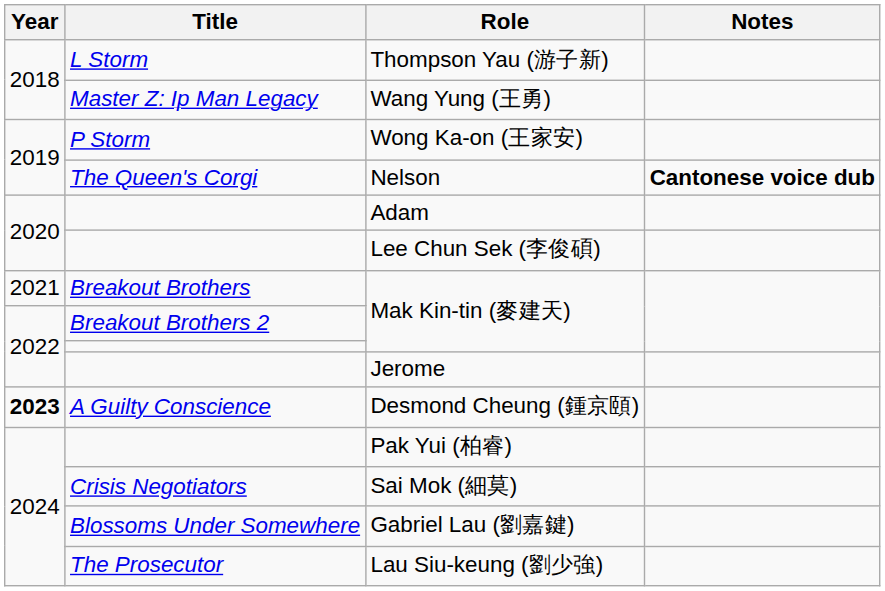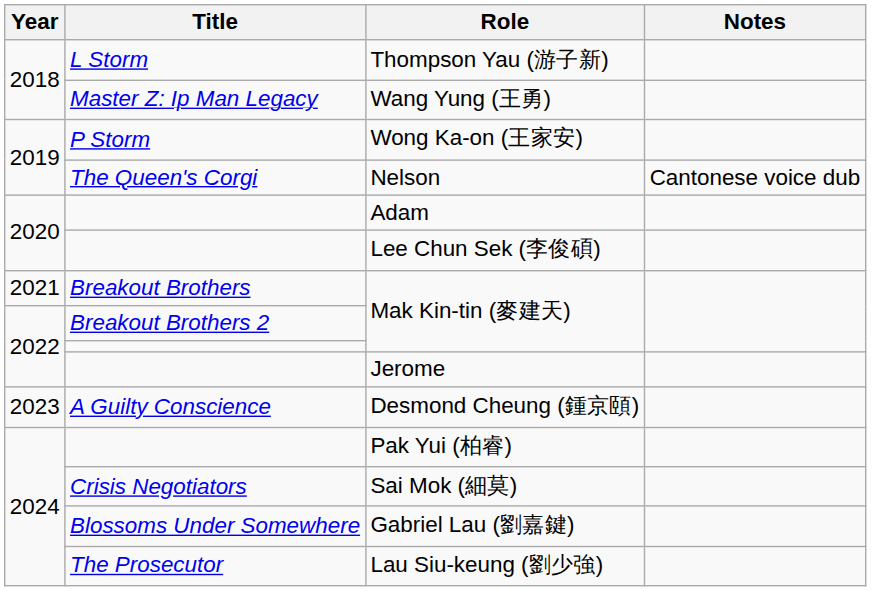 <table class="wikitable">
 <tr>
 <th>Year</th>
 <th>Title</th>
 <th>Role</th>
 <th>Notes</th>
 </tr>
 <tr>
 <td rowspan="2">2018</td>
 <td><em><a href='#'>L Storm</a></em></td>
 <td>Thompson Yau (游子新)</td>
 <td></td>
 </tr>
 <tr>
 <td><em><a href='#'>Master Z: Ip Man Legacy</a></em></td>
 <td>Wang Yung (王勇)</td>
 <td></td>
 </tr>
 <tr>
 <td rowspan="2">2019</td>
 <td><em><a href='#'>P Storm</a></em></td>
 <td>Wong Ka-on (王家安)</td>
 <td></td>
 </tr>
 <tr>
 <td><em><a href='#'>The Queen's Corgi</a></em></td>
 <td>Nelson</td>
-<td><strong>Cantonese voice dub</strong></td>
+<td>Cantonese voice dub</td>
 </tr>
 <tr>
 <td rowspan="2">2020</td>
 <td><em></em></td>
 <td>Adam</td>
 <td></td>
 </tr>
 <tr>
 <td><em></em></td>
 <td>Lee Chun Sek (李俊碩)</td>
 <td></td>
 </tr>
 <tr>
 <td>2021</td>
 <td><em><a href='#'>Breakout Brothers</a></em></td>
 <td rowspan="3">Mak Kin-tin (麥建天)</td>
 <td rowspan="3"></td>
 </tr>
 <tr>
 <td rowspan="3">2022</td>
 <td><em><a href='#'>Breakout Brothers 2</a></em></td>
 </tr>
 <tr>
 <td><em></em></td>
 </tr>
 <tr>
 <td><em></em></td>
 <td>Jerome</td>
 <td></td>
 </tr>
 <tr>
-<td><strong>2023</strong></td>
+<td>2023</td>
 <td><em><a href='#'>A Guilty Conscience</a></em></td>
 <td>Desmond Cheung (鍾京頤)</td>
 <td></td>
 </tr>
 <tr>
 <td rowspan="4">2024</td>
 <td><em></em></td>
 <td>Pak Yui (柏睿)</td>
 <td></td>
 </tr>
 <tr>
 <td><em><a href='#'>Crisis Negotiators</a></em></td>
 <td>Sai Mok (細莫)</td>
 <td></td>
 </tr>
 <tr>
 <td><em><a href='#'>Blossoms Under Somewhere</a></em></td>
 <td>Gabriel Lau (劉嘉鍵)</td>
 <td></td>
 </tr>
 <tr>
 <td><em><a href='#'>The Prosecutor</a></em></td>
 <td>Lau Siu-keung (劉少強)</td>
 <td></td>
 </tr>
 </table>
